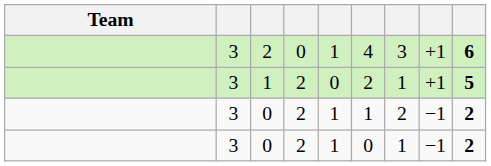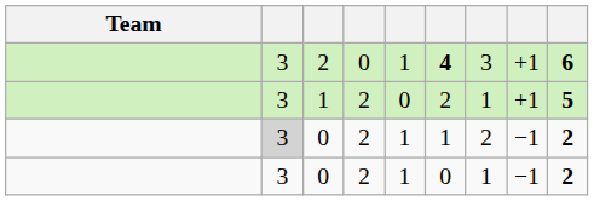 <table class="wikitable" style="text-align: center;">
 <tr>
 <th width=165>Team</th>
 <th width=20></th>
 <th width=20></th>
 <th width=20></th>
 <th width=20></th>
 <th width=20></th>
 <th width=20></th>
 <th width=20></th>
 <th width=20></th>
 </tr>
 <tr bgcolor="#D0F0C0">
 <td style="text-align:left;"></td>
 <td>3</td>
 <td>2</td>
 <td>0</td>
 <td>1</td>
-<td>4</td>
+<td><strong>4</strong></td>
 <td>3</td>
 <td>+1</td>
 <td><strong>6</strong></td>
 </tr>
 <tr bgcolor="#D0F0C0">
 <td style="text-align:left;"></td>
 <td>3</td>
 <td>1</td>
 <td>2</td>
 <td>0</td>
 <td>2</td>
 <td>1</td>
 <td>+1</td>
 <td><strong>5</strong></td>
 </tr>
 <tr>
 <td style="text-align:left;"></td>
-<td>3</td>
+<td style="background: lightgrey;">3</td>
 <td>0</td>
 <td>2</td>
 <td>1</td>
 <td>1</td>
 <td>2</td>
 <td>−1</td>
 <td><strong>2</strong></td>
 </tr>
 <tr>
 <td style="text-align:left;"></td>
 <td>3</td>
 <td>0</td>
 <td>2</td>
 <td>1</td>
 <td>0</td>
 <td>1</td>
 <td>−1</td>
 <td><strong>2</strong></td>
 </tr>
 </table>
